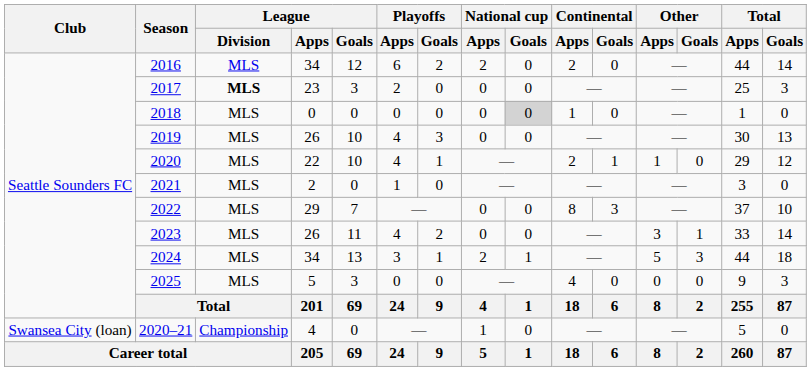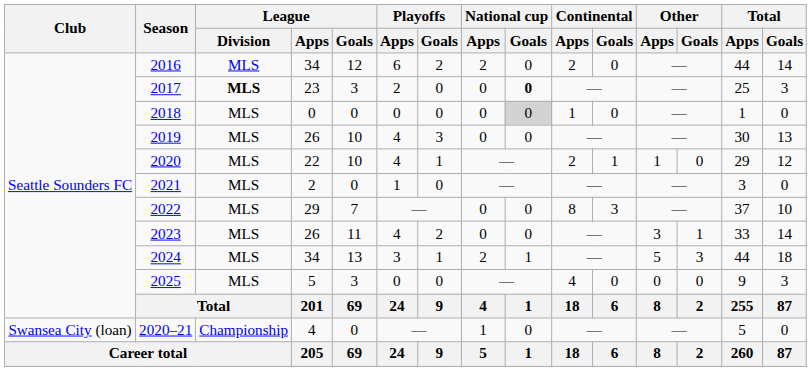 <table class="wikitable" style="text-align:center">
 <tr>
 <th rowspan="2">Club</th>
 <th rowspan="2">Season</th>
 <th colspan="3">League</th>
 <th colspan="2">Playoffs</th>
 <th colspan="2">National cup</th>
 <th colspan="2">Continental</th>
 <th colspan="2">Other</th>
 <th colspan="2">Total</th>
 </tr>
 <tr>
 <th>Division</th>
 <th>Apps</th>
 <th>Goals</th>
 <th>Apps</th>
 <th>Goals</th>
 <th>Apps</th>
 <th>Goals</th>
 <th>Apps</th>
 <th>Goals</th>
 <th>Apps</th>
 <th>Goals</th>
 <th>Apps</th>
 <th>Goals</th>
 </tr>
 <tr>
 <td rowspan="11"><a href='#'>Seattle Sounders FC</a></td>
 <td><a href='#'>2016</a></td>
 <td><a href='#'>MLS</a></td>
 <td>34</td>
 <td>12</td>
 <td>6</td>
 <td>2</td>
 <td>2</td>
 <td>0</td>
 <td>2</td>
 <td>0</td>
 <td colspan="2">—</td>
 <td>44</td>
 <td>14</td>
 </tr>
 <tr>
 <td><a href='#'>2017</a></td>
 <td><strong>MLS</strong></td>
 <td>23</td>
 <td>3</td>
 <td>2</td>
 <td>0</td>
 <td>0</td>
-<td>0</td>
+<td><strong>0</strong></td>
 <td colspan="2">—</td>
 <td colspan="2">—</td>
 <td>25</td>
 <td>3</td>
 </tr>
 <tr>
 <td><a href='#'>2018</a></td>
 <td>MLS</td>
 <td>0</td>
 <td>0</td>
 <td>0</td>
 <td>0</td>
 <td>0</td>
 <td style="background: lightgrey;">0</td>
 <td>1</td>
 <td>0</td>
 <td colspan="2">—</td>
 <td>1</td>
 <td>0</td>
 </tr>
 <tr>
 <td><a href='#'>2019</a></td>
 <td>MLS</td>
 <td>26</td>
 <td>10</td>
 <td>4</td>
 <td>3</td>
 <td>0</td>
 <td>0</td>
 <td colspan="2">—</td>
 <td colspan="2">—</td>
 <td>30</td>
 <td>13</td>
 </tr>
 <tr>
 <td><a href='#'>2020</a></td>
 <td>MLS</td>
 <td>22</td>
 <td>10</td>
 <td>4</td>
 <td>1</td>
 <td colspan="2">—</td>
 <td>2</td>
 <td>1</td>
 <td>1</td>
 <td>0</td>
 <td>29</td>
 <td>12</td>
 </tr>
 <tr>
 <td><a href='#'>2021</a></td>
 <td>MLS</td>
 <td>2</td>
 <td>0</td>
 <td>1</td>
 <td>0</td>
 <td colspan="2">—</td>
 <td colspan="2">—</td>
 <td colspan="2">—</td>
 <td>3</td>
 <td>0</td>
 </tr>
 <tr>
 <td><a href='#'>2022</a></td>
 <td>MLS</td>
 <td>29</td>
 <td>7</td>
 <td colspan="2">—</td>
 <td>0</td>
 <td>0</td>
 <td>8</td>
 <td>3</td>
 <td colspan="2">—</td>
 <td>37</td>
 <td>10</td>
 </tr>
 <tr>
 <td><a href='#'>2023</a></td>
 <td>MLS</td>
 <td>26</td>
 <td>11</td>
 <td>4</td>
 <td>2</td>
 <td>0</td>
 <td>0</td>
 <td colspan="2">—</td>
 <td>3</td>
 <td>1</td>
 <td>33</td>
 <td>14</td>
 </tr>
 <tr>
 <td><a href='#'>2024</a></td>
 <td>MLS</td>
 <td>34</td>
 <td>13</td>
 <td>3</td>
 <td>1</td>
 <td>2</td>
 <td>1</td>
 <td colspan="2">—</td>
 <td>5</td>
 <td>3</td>
 <td>44</td>
 <td>18</td>
 </tr>
 <tr>
 <td><a href='#'>2025</a></td>
 <td>MLS</td>
 <td>5</td>
 <td>3</td>
 <td>0</td>
 <td>0</td>
 <td colspan="2">—</td>
 <td>4</td>
 <td>0</td>
 <td>0</td>
 <td>0</td>
 <td>9</td>
 <td>3</td>
 </tr>
 <tr>
 <th colspan="2">Total</th>
 <th>201</th>
 <th>69</th>
 <th>24</th>
 <th>9</th>
 <th>4</th>
 <th>1</th>
 <th>18</th>
 <th>6</th>
 <th>8</th>
 <th>2</th>
 <th>255</th>
 <th>87</th>
 </tr>
 <tr>
 <td><a href='#'>Swansea City</a> (loan)</td>
 <td><a href='#'>2020–21</a></td>
 <td><a href='#'>Championship</a></td>
 <td>4</td>
 <td>0</td>
 <td colspan="2">—</td>
 <td>1</td>
 <td>0</td>
 <td colspan="2">—</td>
 <td colspan="2">—</td>
 <td>5</td>
 <td>0</td>
 </tr>
 <tr>
 <th colspan="3">Career total</th>
 <th>205</th>
 <th>69</th>
 <th>24</th>
 <th>9</th>
 <th>5</th>
 <th>1</th>
 <th>18</th>
 <th>6</th>
 <th>8</th>
 <th>2</th>
 <th>260</th>
 <th>87</th>
 </tr>
 </table>
